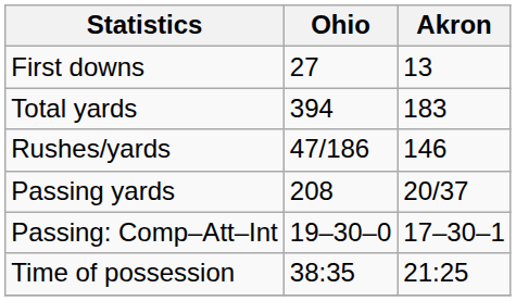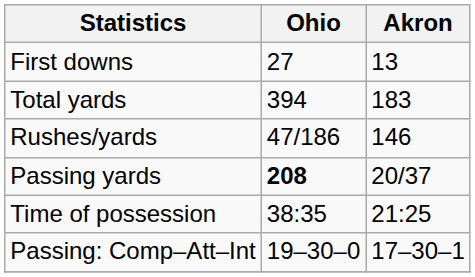 <table class="wikitable" style="float: left;">
 <tr>
 <th>Statistics</th>
 <th>Ohio</th>
 <th>Akron</th>
 </tr>
 <tr>
 <td>First downs</td>
 <td>27</td>
 <td>13</td>
 </tr>
 <tr>
 <td>Total yards</td>
 <td>394</td>
 <td>183</td>
 </tr>
 <tr>
 <td>Rushes/yards</td>
 <td>47/186</td>
 <td>146</td>
 </tr>
 <tr>
 <td>Passing yards</td>
-<td>208</td>
+<td><strong>208</strong></td>
 <td>20/37</td>
+</tr>
+<tr>
+<td>Time of possession</td>
+<td>38:35</td>
+<td>21:25</td>
 </tr>
 <tr>
 <td>Passing: Comp–Att–Int</td>
 <td>19–30–0</td>
 <td>17–30–1</td>
 </tr>
 <tr>
-<td>Time of possession</td>
-<td>38:35</td>
-<td>21:25</td>
-</tr>
-<tr>
 </tr>
 </table>
